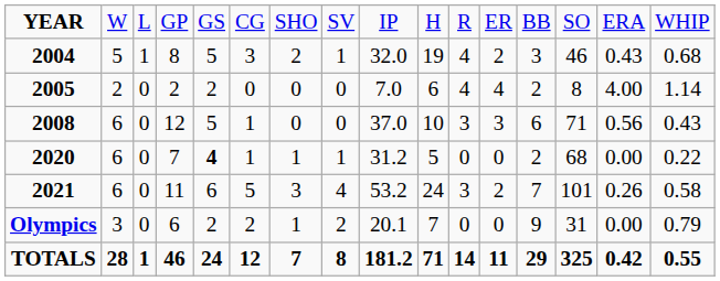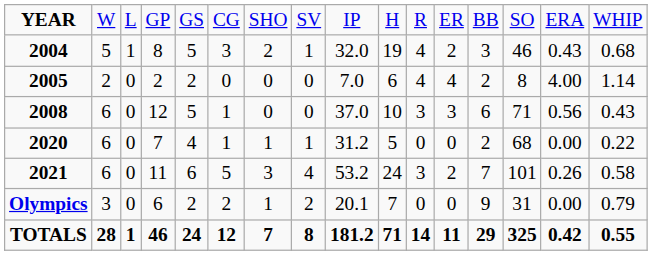 <table class="wikitable" style="text-align:center;">
 <tr>
 <td><strong>YEAR</strong></td>
 <td><a href='#'>W</a></td>
 <td><a href='#'>L</a></td>
 <td><a href='#'>GP</a></td>
 <td><a href='#'>GS</a></td>
 <td><a href='#'>CG</a></td>
 <td><a href='#'>SHO</a></td>
 <td><a href='#'>SV</a></td>
 <td><a href='#'>IP</a></td>
 <td><a href='#'>H</a></td>
 <td><a href='#'>R</a></td>
 <td><a href='#'>ER</a></td>
 <td><a href='#'>BB</a></td>
 <td><a href='#'>SO</a></td>
 <td><a href='#'>ERA</a></td>
 <td><a href='#'>WHIP</a></td>
 </tr>
 <tr>
 <td><strong>2004</strong></td>
 <td>5</td>
 <td>1</td>
 <td>8</td>
 <td>5</td>
 <td>3</td>
 <td>2</td>
 <td>1</td>
 <td>32.0</td>
 <td>19</td>
 <td>4</td>
 <td>2</td>
 <td>3</td>
 <td>46</td>
 <td>0.43</td>
 <td>0.68</td>
 </tr>
 <tr>
 <td><strong>2005</strong></td>
 <td>2</td>
 <td>0</td>
 <td>2</td>
 <td>2</td>
 <td>0</td>
 <td>0</td>
 <td>0</td>
 <td>7.0</td>
 <td>6</td>
 <td>4</td>
 <td>4</td>
 <td>2</td>
 <td>8</td>
 <td>4.00</td>
 <td>1.14</td>
 </tr>
 <tr>
 <td><strong>2008</strong></td>
 <td>6</td>
 <td>0</td>
 <td>12</td>
 <td>5</td>
 <td>1</td>
 <td>0</td>
 <td>0</td>
 <td>37.0</td>
 <td>10</td>
 <td>3</td>
 <td>3</td>
 <td>6</td>
 <td>71</td>
 <td>0.56</td>
 <td>0.43</td>
 </tr>
 <tr>
 <td><strong>2020</strong></td>
 <td>6</td>
 <td>0</td>
 <td>7</td>
-<td><strong>4</strong></td>
+<td>4</td>
 <td>1</td>
 <td>1</td>
 <td>1</td>
 <td>31.2</td>
 <td>5</td>
 <td>0</td>
 <td>0</td>
 <td>2</td>
 <td>68</td>
 <td>0.00</td>
 <td>0.22</td>
 </tr>
 <tr>
 <td><strong>2021</strong></td>
 <td>6</td>
 <td>0</td>
 <td>11</td>
 <td>6</td>
 <td>5</td>
 <td>3</td>
 <td>4</td>
 <td>53.2</td>
 <td>24</td>
 <td>3</td>
 <td>2</td>
 <td>7</td>
 <td>101</td>
 <td>0.26</td>
 <td>0.58</td>
 </tr>
 <tr>
 <td><strong><a href='#'>Olympics</a></strong></td>
 <td>3</td>
 <td>0</td>
 <td>6</td>
 <td>2</td>
 <td>2</td>
 <td>1</td>
 <td>2</td>
 <td>20.1</td>
 <td>7</td>
 <td>0</td>
 <td>0</td>
 <td>9</td>
 <td>31</td>
 <td>0.00</td>
 <td>0.79</td>
 </tr>
 <tr>
 <td><strong>TOTALS</strong></td>
 <td><strong>28</strong></td>
 <td><strong>1</strong></td>
 <td><strong>46</strong></td>
 <td><strong>24</strong></td>
 <td><strong>12</strong></td>
 <td><strong>7</strong></td>
 <td><strong>8</strong></td>
 <td><strong>181.2</strong></td>
 <td><strong>71</strong></td>
 <td><strong>14</strong></td>
 <td><strong>11</strong></td>
 <td><strong>29</strong></td>
 <td><strong>325</strong></td>
 <td><strong>0.42</strong></td>
 <td><strong>0.55</strong></td>
 </tr>
 </table>
